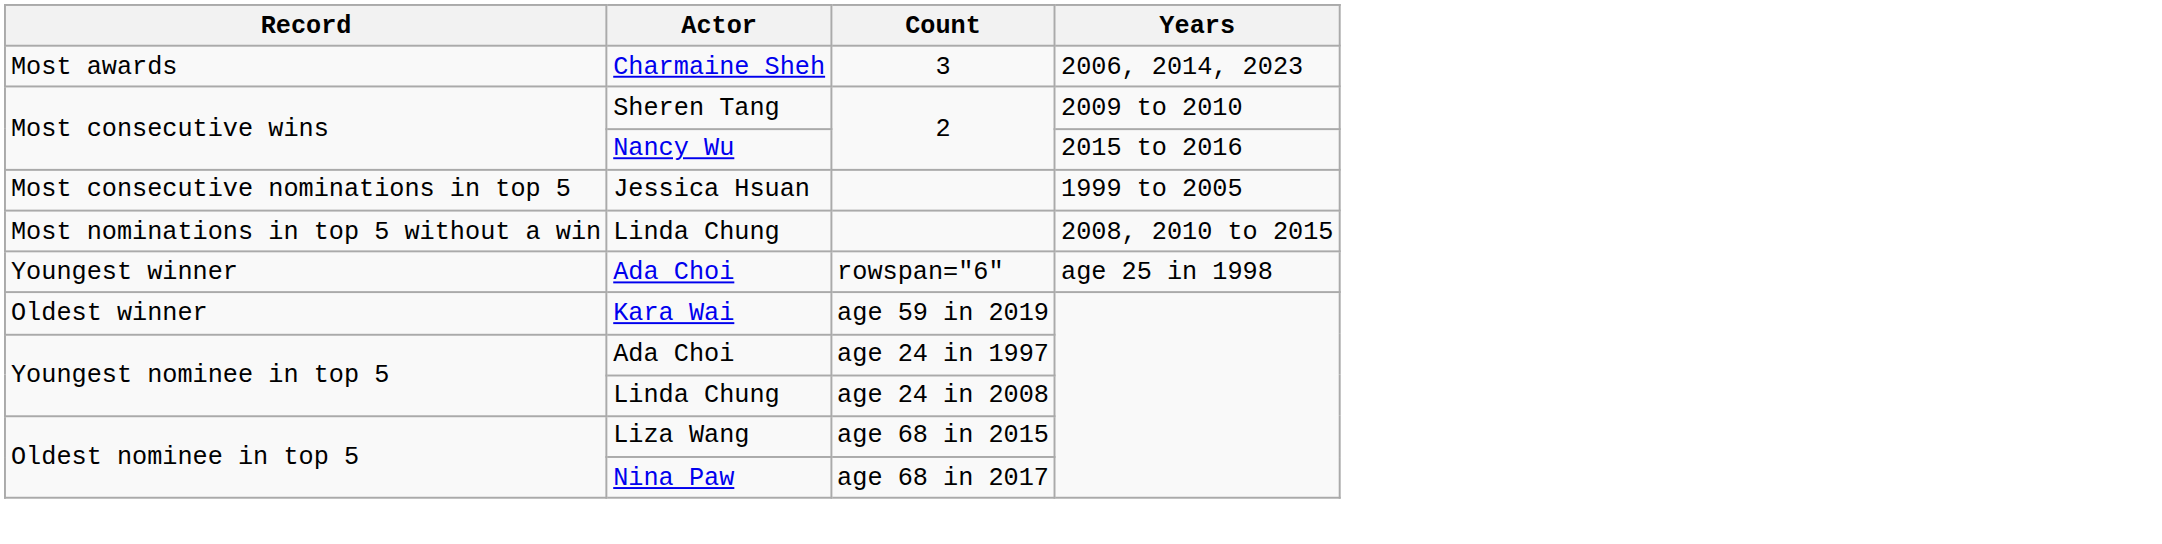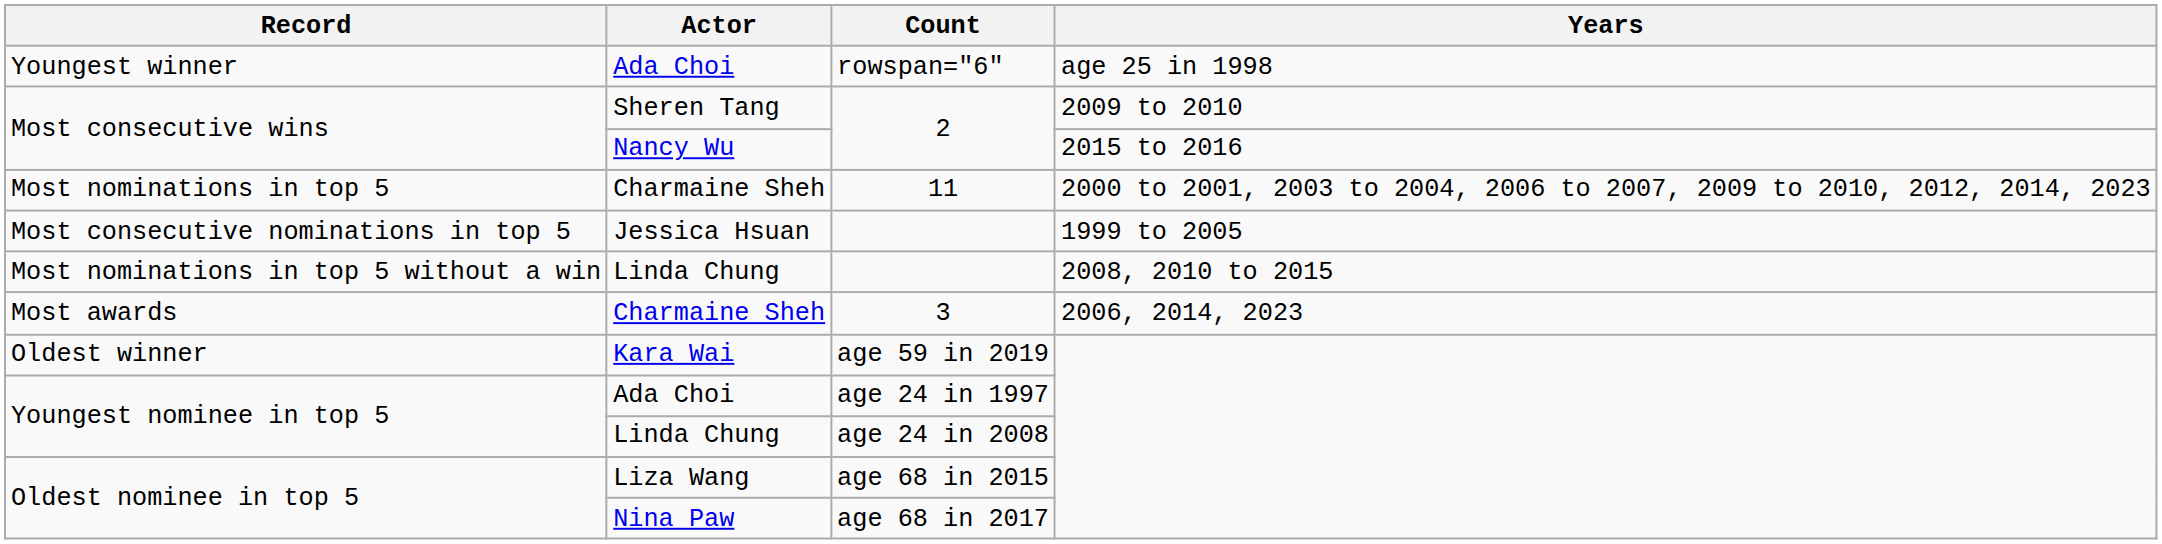 <table class="wikitable plainrowheaders sortable">
 <tr>
 <th scope="col" class="unsortable">Record</th>
 <th scope="col" class="unsortable">Actor</th>
 <th scope="col" class="unsortable">Count</th>
 <th scope="col" class="unsortable">Years</th>
 </tr>
 <tr>
-<td>Most awards</td>
-<td><a href='#'>Charmaine Sheh</a></td>
-<td style="text-align:center;">3</td>
-<td>2006, 2014, 2023</td>
+<td>Youngest winner</td>
+<td><a href='#'>Ada Choi</a></td>
+<td>rowspan="6" </td>
+<td>age 25 in 1998</td>
 </tr>
 <tr>
 <td rowspan="2">Most consecutive wins</td>
 <td>Sheren Tang</td>
 <td rowspan="2" style="text-align:center;">2</td>
 <td>2009 to 2010</td>
 </tr>
 <tr>
 <td><a href='#'>Nancy Wu</a></td>
 <td>2015 to 2016</td>
+</tr>
+<tr>
+<td>Most nominations in top 5</td>
+<td>Charmaine Sheh</td>
+<td style="text-align:center;">11</td>
+<td>2000 to 2001, 2003 to 2004, 2006 to 2007, 2009 to 2010, 2012, 2014, 2023</td>
 </tr>
 <tr>
 <td>Most consecutive nominations in top 5</td>
 <td>Jessica Hsuan</td>
 <td></td>
 <td>1999 to 2005</td>
 </tr>
 <tr>
 <td>Most nominations in top 5 without a win</td>
 <td>Linda Chung</td>
 <td></td>
 <td>2008, 2010 to 2015</td>
 </tr>
 <tr>
-<td>Youngest winner</td>
-<td><a href='#'>Ada Choi</a></td>
-<td>rowspan="6" </td>
-<td>age 25 in 1998</td>
+<td>Most awards</td>
+<td><a href='#'>Charmaine Sheh</a></td>
+<td style="text-align:center;">3</td>
+<td>2006, 2014, 2023</td>
 </tr>
 <tr>
 <td>Oldest winner</td>
 <td><a href='#'>Kara Wai</a></td>
 <td>age 59 in 2019</td>
 </tr>
 <tr>
 <td rowspan="2">Youngest nominee in top 5</td>
 <td>Ada Choi</td>
 <td>age 24 in 1997</td>
 </tr>
 <tr>
 <td>Linda Chung</td>
 <td>age 24 in 2008</td>
 </tr>
 <tr>
 <td rowspan="2">Oldest nominee in top 5</td>
 <td>Liza Wang</td>
 <td>age 68 in 2015</td>
 </tr>
 <tr>
 <td><a href='#'>Nina Paw</a></td>
 <td>age 68 in 2017</td>
 </tr>
 </table>
